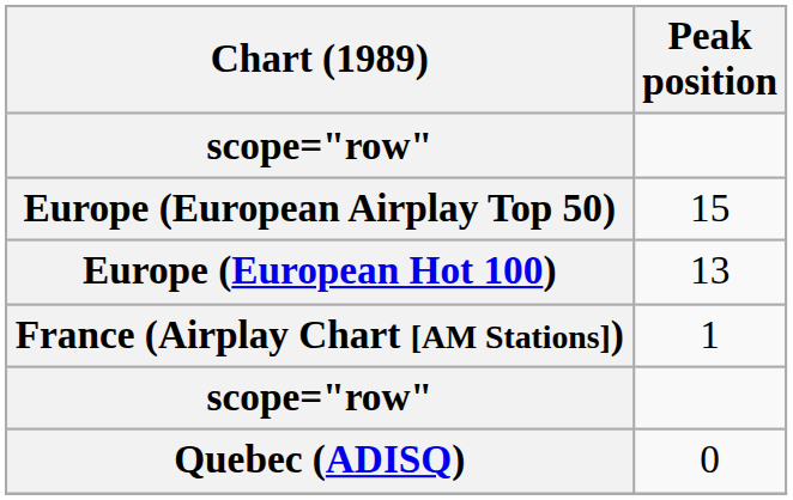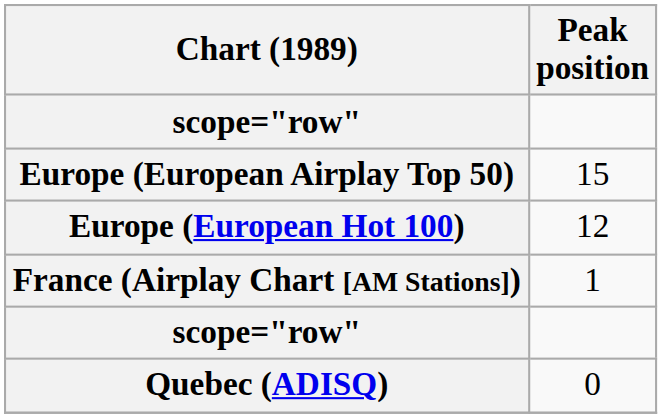 <table class="wikitable sortable plainrowheaders">
 <tr>
 <th>Chart (1989)</th>
 <th>Peak<br>position</th>
 </tr>
 <tr>
 <th>scope="row"</th>
 </tr>
 <tr>
 <th scope="row">Europe (European Airplay Top 50)</th>
 <td align="center">15</td>
 </tr>
 <tr>
 <th scope="row">Europe (<a href='#'>European Hot 100</a>)</th>
-<td align="center">13</td>
+<td align="center">12</td>
 </tr>
 <tr>
 <th scope="row">France (Airplay Chart <small>[AM Stations]</small>)</th>
 <td align="center">1</td>
 </tr>
 <tr>
 <th>scope="row"</th>
 </tr>
 <tr>
 <th scope="row">Quebec (<a href='#'>ADISQ</a>)</th>
 <td align="center">0</td>
 </tr>
 <tr>
 </tr>
 </table>
